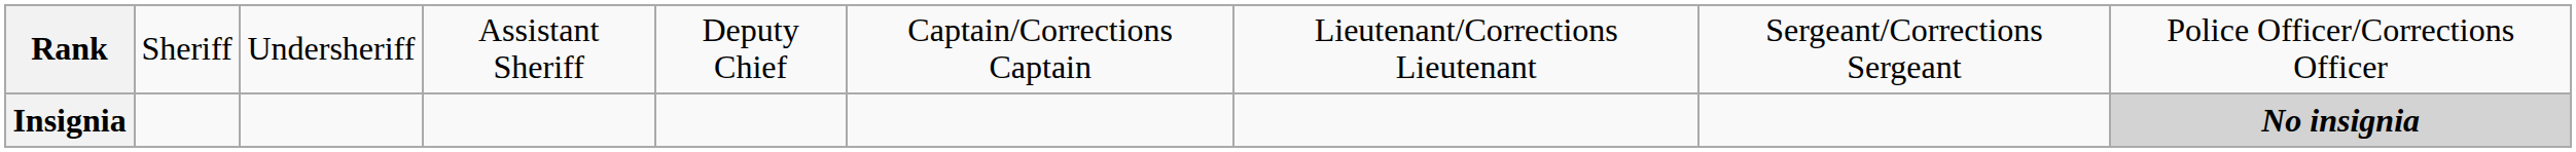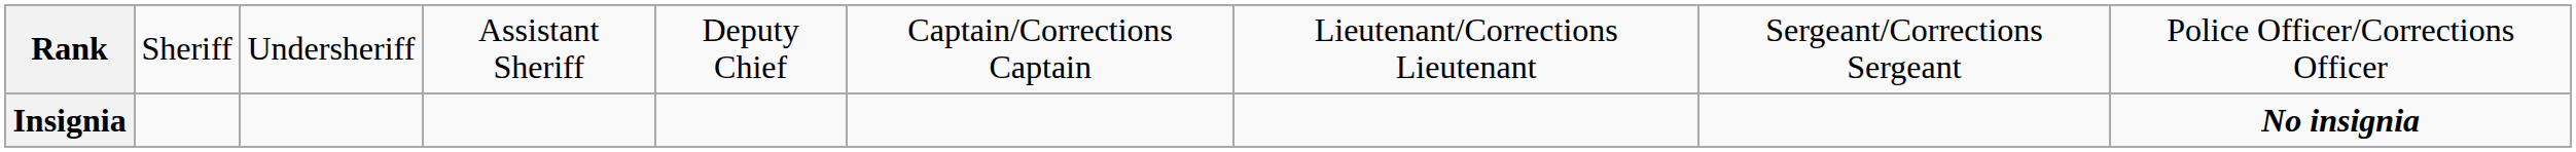 <table class="wikitable">
 <tr style="text-align:center;">
 <th>Rank</th>
 <td>Sheriff</td>
 <td>Undersheriff</td>
 <td>Assistant Sheriff</td>
 <td>Deputy Chief</td>
 <td>Captain/Corrections Captain</td>
 <td>Lieutenant/Corrections Lieutenant</td>
 <td>Sergeant/Corrections Sergeant</td>
 <td>Police Officer/Corrections Officer</td>
 </tr>
 <tr style="text-align:center;">
 <th>Insignia</th>
 <td></td>
 <td></td>
 <td></td>
 <td></td>
 <td></td>
 <td></td>
 <td></td>
-<td style="background: lightgrey;"><strong><em>No insignia</em></strong></td>
+<td><strong><em>No insignia</em></strong></td>
 </tr>
 </table>
